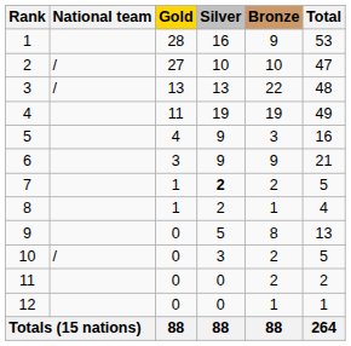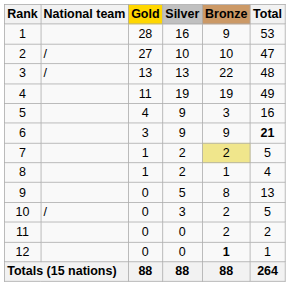 <table class="wikitable sortable" style="text-align:center;">
 <tr>
 <th>Rank</th>
 <th>National team</th>
 <th style="background-color:gold;">Gold</th>
 <th style="background-color:silver;">Silver</th>
 <th style="background-color:#CC9966;">Bronze</th>
 <th>Total</th>
 </tr>
 <tr>
 <td>1</td>
 <td align="left"></td>
 <td>28</td>
 <td>16</td>
 <td>9</td>
 <td>53</td>
 </tr>
 <tr>
 <td>2</td>
 <td align="left"><em></em> / <em></em></td>
 <td>27</td>
 <td>10</td>
 <td>10</td>
 <td>47</td>
 </tr>
 <tr>
 <td>3</td>
 <td align="left"><em></em> / </td>
 <td>13</td>
 <td>13</td>
 <td>22</td>
 <td>48</td>
 </tr>
 <tr>
 <td>4</td>
 <td align="left"></td>
 <td>11</td>
 <td>19</td>
 <td>19</td>
 <td>49</td>
 </tr>
 <tr>
 <td>5</td>
 <td align="left"></td>
 <td>4</td>
 <td>9</td>
 <td>3</td>
 <td>16</td>
 </tr>
 <tr>
 <td>6</td>
 <td align="left"></td>
 <td>3</td>
 <td>9</td>
 <td>9</td>
-<td>21</td>
+<td><strong>21</strong></td>
 </tr>
 <tr>
 <td>7</td>
 <td align="left"></td>
 <td>1</td>
-<td><strong>2</strong></td>
 <td>2</td>
+<td style="background: khaki;">2</td>
 <td>5</td>
 </tr>
 <tr>
 <td>8</td>
 <td align="left"></td>
 <td>1</td>
 <td>2</td>
 <td>1</td>
 <td>4</td>
 </tr>
 <tr>
 <td>9</td>
 <td align="left"></td>
 <td>0</td>
 <td>5</td>
 <td>8</td>
 <td>13</td>
 </tr>
 <tr>
 <td>10</td>
 <td align="left"> / <em></em></td>
 <td>0</td>
 <td>3</td>
 <td>2</td>
 <td>5</td>
 </tr>
 <tr>
 <td>11</td>
 <td align="left"></td>
 <td>0</td>
 <td>0</td>
 <td>2</td>
 <td>2</td>
 </tr>
 <tr>
 <td>12</td>
 <td align="left"></td>
 <td>0</td>
 <td>0</td>
-<td>1</td>
+<td><strong>1</strong></td>
 <td>1</td>
 </tr>
 <tr>
 <th colspan="2" style="text-align:left;">Totals (15 nations)</th>
 <th>88</th>
 <th>88</th>
 <th>88</th>
 <th>264</th>
 </tr>
 </table>
